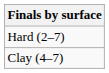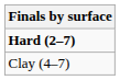 <table class=wikitable style="font-size:90%">
 <tr>
 <th>Finals by surface</th>
 </tr>
 <tr>
-<td>Hard (2–7)</td>
+<td><strong>Hard (2–7)</strong></td>
 </tr>
 <tr>
 <td>Clay (4–7)</td>
 </tr>
 </table>
